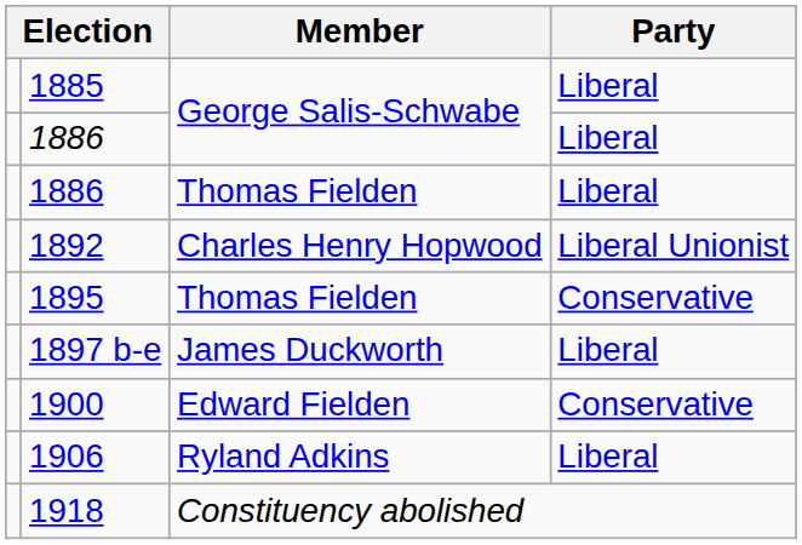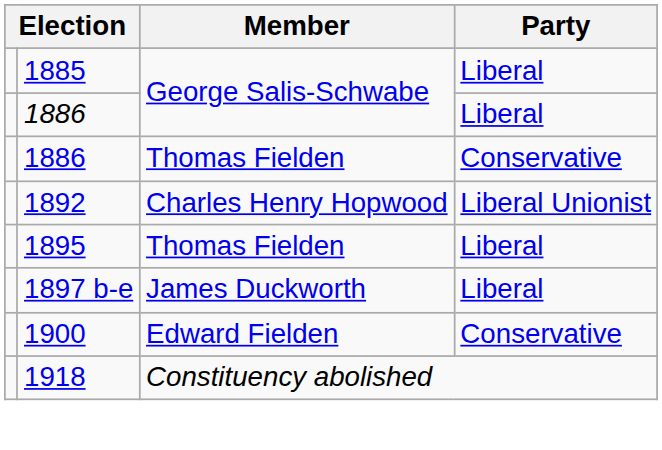 <table class="wikitable">
 <tr>
 <th colspan=2>Election</th>
 <th>Member</th>
 <th>Party</th>
 </tr>
 <tr>
 <td style="color:inherit;background-color: "></td>
 <td><a href='#'>1885</a></td>
 <td rowspan="2"><a href='#'>George Salis-Schwabe</a></td>
 <td><a href='#'>Liberal</a></td>
 </tr>
 <tr>
 <td style="color:inherit;background-color: "></td>
 <td><em>1886</em></td>
 <td><a href='#'>Liberal</a></td>
 </tr>
 <tr>
 <td style="color:inherit;background-color: "></td>
 <td><a href='#'>1886</a></td>
 <td><a href='#'>Thomas Fielden</a></td>
-<td><a href='#'>Liberal</a></td>
+<td><a href='#'>Conservative</a></td>
 </tr>
 <tr>
 <td style="color:inherit;background-color: "></td>
 <td><a href='#'>1892</a></td>
 <td><a href='#'>Charles Henry Hopwood</a></td>
 <td><a href='#'>Liberal Unionist</a></td>
 </tr>
 <tr>
 <td style="color:inherit;background-color: "></td>
 <td><a href='#'>1895</a></td>
 <td><a href='#'>Thomas Fielden</a></td>
-<td><a href='#'>Conservative</a></td>
+<td><a href='#'>Liberal</a></td>
 </tr>
 <tr>
 <td style="color:inherit;background-color: "></td>
 <td><a href='#'>1897 b-e</a></td>
 <td><a href='#'>James Duckworth</a></td>
 <td><a href='#'>Liberal</a></td>
 </tr>
 <tr>
 <td style="color:inherit;background-color: "></td>
 <td><a href='#'>1900</a></td>
 <td><a href='#'>Edward Fielden</a></td>
 <td><a href='#'>Conservative</a></td>
 </tr>
 <tr>
-<td style="color:inherit;background-color: "></td>
-<td><a href='#'>1906</a></td>
-<td><a href='#'>Ryland Adkins</a></td>
-<td><a href='#'>Liberal</a></td>
-</tr>
-<tr>
 <td></td>
 <td><a href='#'>1918</a></td>
 <td colspan="2"><em>Constituency abolished</em></td>
 </tr>
 </table>
